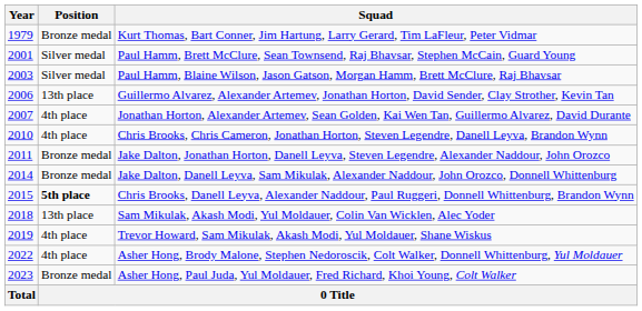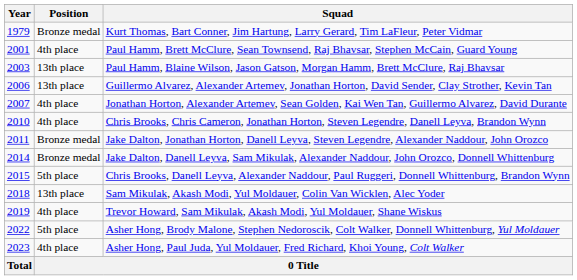 <table class="wikitable" style="text-align: center;">
 <tr>
 <th>Year</th>
 <th>Position</th>
 <th>Squad</th>
 </tr>
 <tr style="text-align:left;">
 <td><a href='#'>1979</a></td>
 <td> Bronze medal</td>
 <td><a href='#'>Kurt Thomas</a>, <a href='#'>Bart Conner</a>, <a href='#'>Jim Hartung</a>, <a href='#'>Larry Gerard</a>, <a href='#'>Tim LaFleur</a>, <a href='#'>Peter Vidmar</a></td>
 </tr>
 <tr style="text-align:left;">
 <td><a href='#'>2001</a></td>
-<td> Silver medal</td>
+<td>4th place</td>
 <td><a href='#'>Paul Hamm</a>, <a href='#'>Brett McClure</a>, <a href='#'>Sean Townsend</a>, <a href='#'>Raj Bhavsar</a>, <a href='#'>Stephen McCain</a>, <a href='#'>Guard Young</a></td>
 </tr>
 <tr style="text-align:left;">
 <td><a href='#'>2003</a></td>
-<td> Silver medal</td>
+<td>13th place</td>
 <td><a href='#'>Paul Hamm</a>, <a href='#'>Blaine Wilson</a>, <a href='#'>Jason Gatson</a>, <a href='#'>Morgan Hamm</a>, <a href='#'>Brett McClure</a>, <a href='#'>Raj Bhavsar</a></td>
 </tr>
 <tr style="text-align:left;">
 <td><a href='#'>2006</a></td>
 <td>13th place</td>
 <td><a href='#'>Guillermo Alvarez</a>, <a href='#'>Alexander Artemev</a>, <a href='#'>Jonathan Horton</a>, <a href='#'>David Sender</a>, <a href='#'>Clay Strother</a>, <a href='#'>Kevin Tan</a></td>
 </tr>
 <tr style="text-align:left;">
 <td><a href='#'>2007</a></td>
 <td>4th place</td>
 <td><a href='#'>Jonathan Horton</a>, <a href='#'>Alexander Artemev</a>, <a href='#'>Sean Golden</a>, <a href='#'>Kai Wen Tan</a>, <a href='#'>Guillermo Alvarez</a>, <a href='#'>David Durante</a></td>
 </tr>
 <tr style="text-align:left;">
 <td><a href='#'>2010</a></td>
 <td>4th place</td>
 <td><a href='#'>Chris Brooks</a>, <a href='#'>Chris Cameron</a>, <a href='#'>Jonathan Horton</a>, <a href='#'>Steven Legendre</a>, <a href='#'>Danell Leyva</a>, <a href='#'>Brandon Wynn</a></td>
 </tr>
 <tr style="text-align:left;">
 <td><a href='#'>2011</a></td>
 <td> Bronze medal</td>
 <td><a href='#'>Jake Dalton</a>, <a href='#'>Jonathan Horton</a>, <a href='#'>Danell Leyva</a>, <a href='#'>Steven Legendre</a>, <a href='#'>Alexander Naddour</a>, <a href='#'>John Orozco</a></td>
 </tr>
 <tr style="text-align:left;">
 <td><a href='#'>2014</a></td>
 <td> Bronze medal</td>
 <td><a href='#'>Jake Dalton</a>, <a href='#'>Danell Leyva</a>, <a href='#'>Sam Mikulak</a>, <a href='#'>Alexander Naddour</a>, <a href='#'>John Orozco</a>, <a href='#'>Donnell Whittenburg</a></td>
 </tr>
 <tr style="text-align:left;">
 <td><a href='#'>2015</a></td>
-<td><strong>5th place</strong></td>
+<td>5th place</td>
 <td><a href='#'>Chris Brooks</a>, <a href='#'>Danell Leyva</a>, <a href='#'>Alexander Naddour</a>, <a href='#'>Paul Ruggeri</a>, <a href='#'>Donnell Whittenburg</a>, <a href='#'>Brandon Wynn</a></td>
 </tr>
 <tr style="text-align:left;">
 <td><a href='#'>2018</a></td>
 <td>13th place</td>
 <td><a href='#'>Sam Mikulak</a>, <a href='#'>Akash Modi</a>, <a href='#'>Yul Moldauer</a>, <a href='#'>Colin Van Wicklen</a>, <a href='#'>Alec Yoder</a></td>
 </tr>
 <tr style="text-align:left;">
 <td><a href='#'>2019</a></td>
 <td>4th place</td>
 <td><a href='#'>Trevor Howard</a>, <a href='#'>Sam Mikulak</a>, <a href='#'>Akash Modi</a>, <a href='#'>Yul Moldauer</a>, <a href='#'>Shane Wiskus</a></td>
 </tr>
 <tr style="text-align:left;">
 <td><a href='#'>2022</a></td>
-<td>4th place</td>
+<td>5th place</td>
 <td><a href='#'>Asher Hong</a>, <a href='#'>Brody Malone</a>, <a href='#'>Stephen Nedoroscik</a>, <a href='#'>Colt Walker</a>, <a href='#'>Donnell Whittenburg</a>, <em><a href='#'>Yul Moldauer</a></em></td>
 </tr>
 <tr style="text-align:left;">
 <td><a href='#'>2023</a></td>
-<td> Bronze medal</td>
+<td>4th place</td>
 <td><a href='#'>Asher Hong</a>, <a href='#'>Paul Juda</a>, <a href='#'>Yul Moldauer</a>, <a href='#'>Fred Richard</a>, <a href='#'>Khoi Young</a>, <em><a href='#'>Colt Walker</a></em></td>
 </tr>
 <tr>
 <th>Total</th>
 <th colspan="2">0 Title</th>
 </tr>
 </table>
